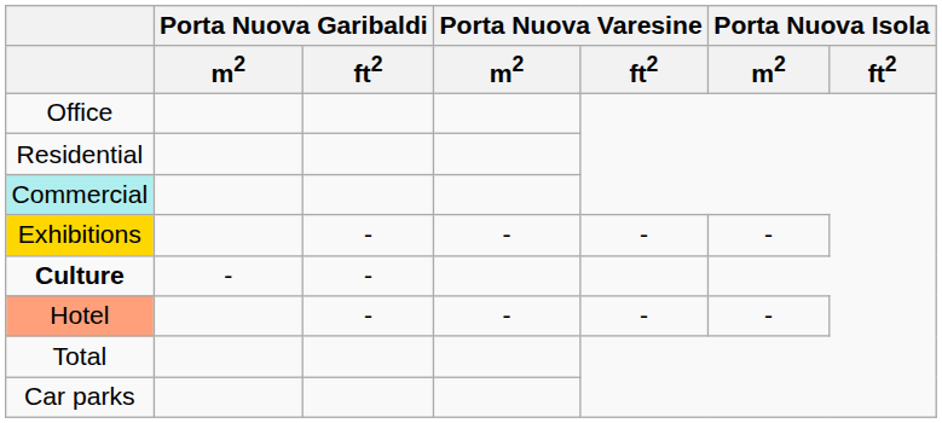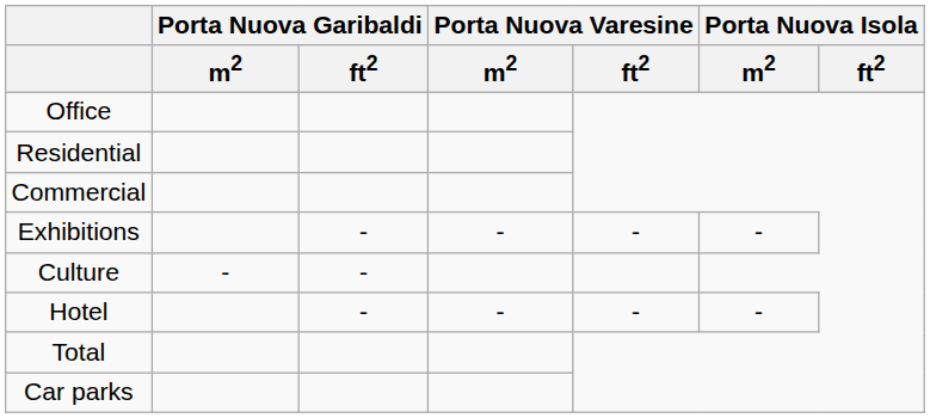 <table class="wikitable" style="text-align:center">
 <tr>
 <th></th>
 <th colspan=2>Porta Nuova Garibaldi</th>
 <th colspan=2>Porta Nuova Varesine</th>
 <th colspan=2>Porta Nuova Isola</th>
 </tr>
 <tr>
 <th></th>
 <th>m<sup>2</sup></th>
 <th>ft<sup>2</sup></th>
 <th>m<sup>2</sup></th>
 <th>ft<sup>2</sup></th>
 <th>m<sup>2</sup></th>
 <th>ft<sup>2</sup></th>
 </tr>
 <tr>
 <td>Office</td>
 <td></td>
 <td></td>
 <td></td>
 </tr>
 <tr>
 <td>Residential</td>
 <td></td>
 <td></td>
 <td></td>
 </tr>
 <tr>
-<td style="background: paleturquoise;">Commercial</td>
+<td>Commercial</td>
 <td></td>
 <td></td>
 <td></td>
 </tr>
 <tr>
-<td style="background: gold;">Exhibitions</td>
+<td>Exhibitions</td>
 <td></td>
 <td>-</td>
 <td>-</td>
 <td>-</td>
 <td>-</td>
 </tr>
 <tr>
-<td><strong>Culture</strong></td>
+<td>Culture</td>
 <td>-</td>
 <td>-</td>
 <td></td>
 <td></td>
 </tr>
 <tr>
-<td style="background: lightsalmon;">Hotel</td>
+<td>Hotel</td>
 <td></td>
 <td>-</td>
 <td>-</td>
 <td>-</td>
 <td>-</td>
 </tr>
 <tr>
 <td>Total</td>
 <td></td>
 <td></td>
 <td></td>
 </tr>
 <tr>
 <td>Car parks</td>
 <td></td>
 <td></td>
 <td></td>
 </tr>
 </table>
